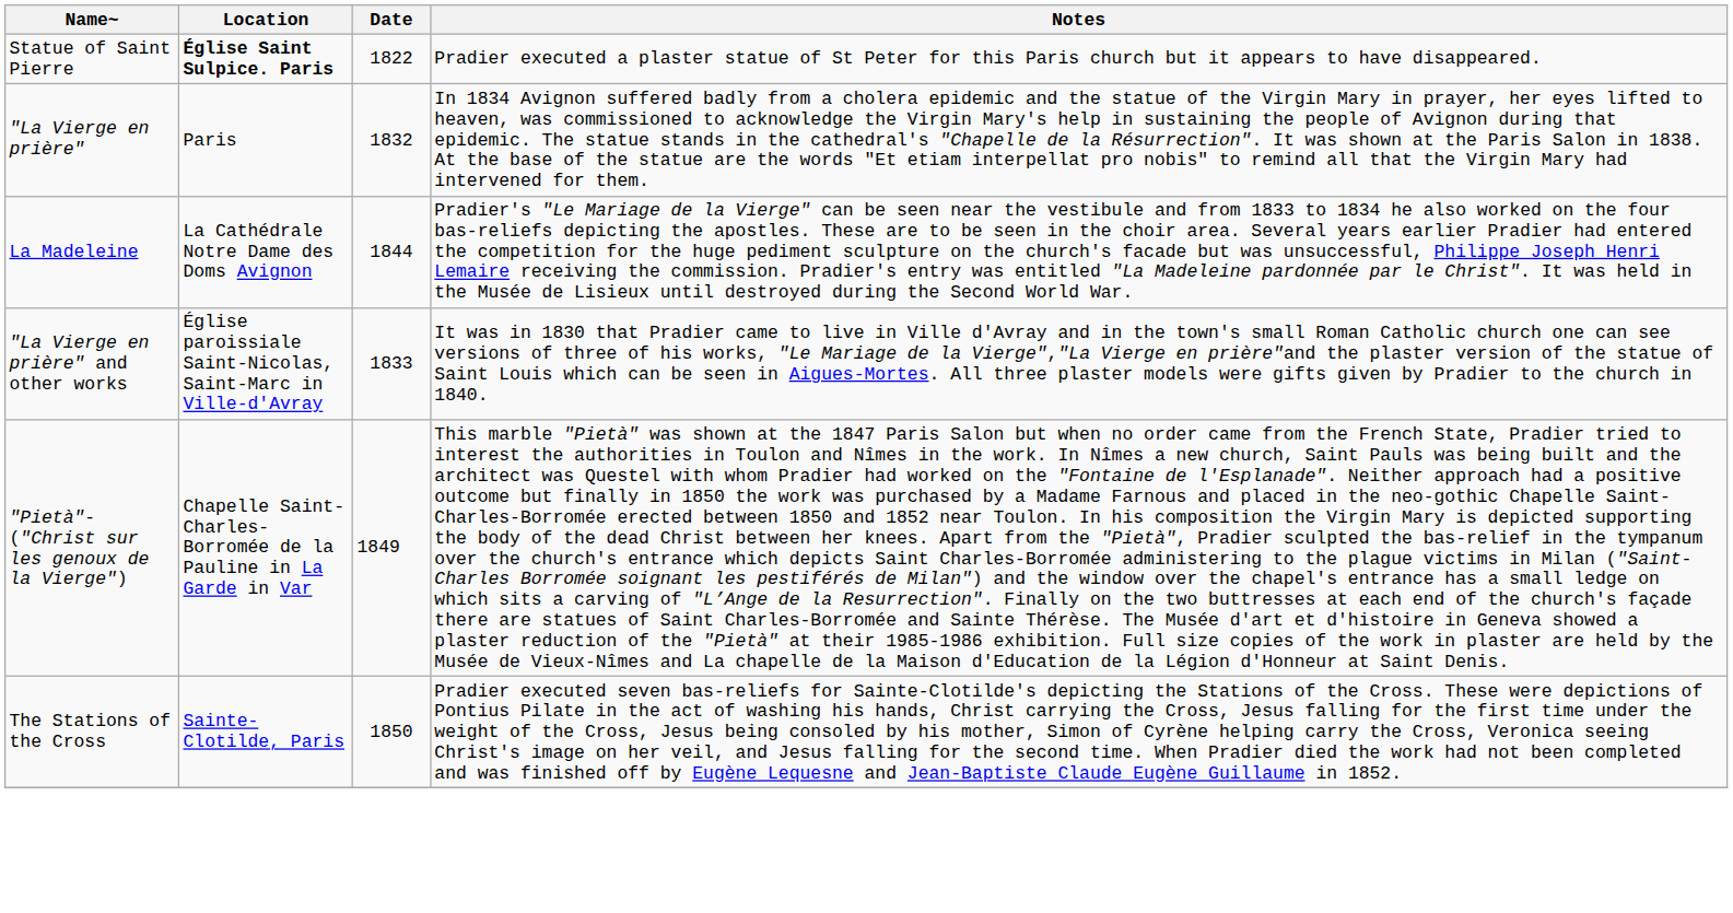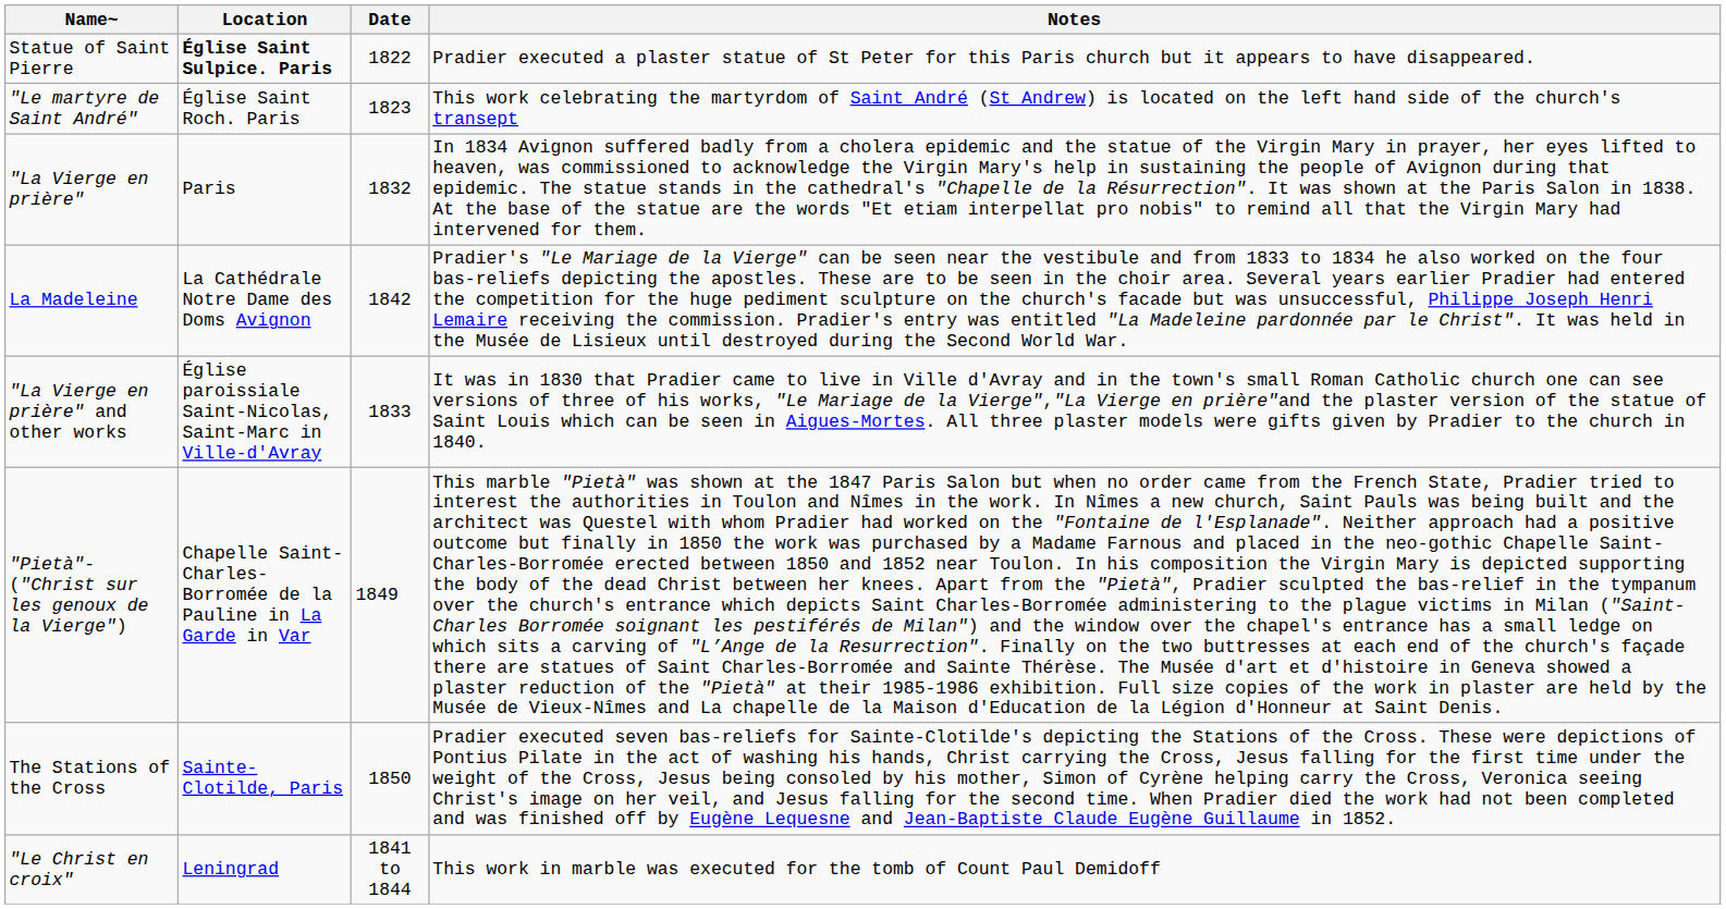 <table class="wikitable sortable plainrowheaders">
 <tr>
 <th style="width:120px">Name~</th>
 <th style="width:120px">Location</th>
 <th style="width:50px">Date</th>
 <th class="unsortable">Notes</th>
 </tr>
 <tr>
 <td>Statue of Saint Pierre</td>
 <td><strong>Église Saint Sulpice. Paris</strong></td>
 <td align="center">1822</td>
 <td>Pradier executed a plaster statue of St Peter for this Paris church but it appears to have disappeared.</td>
 </tr>
 <tr>
+<td><em>"Le martyre de Saint André"</em></td>
+<td>Église Saint Roch. Paris</td>
+<td align="center">1823</td>
+<td>This work celebrating the martyrdom of <a href='#'>Saint André</a> (<a href='#'>St Andrew</a>) is located on the left hand side of the church's <a href='#'>transept</a></td>
+</tr>
+<tr>
 <td><em>"La Vierge en prière"</em></td>
 <td>Paris</td>
 <td align="center">1832</td>
 <td>In 1834 Avignon suffered badly from a cholera epidemic and the statue of the Virgin Mary in prayer, her eyes lifted to heaven, was commissioned to acknowledge the Virgin Mary's help in sustaining the people of Avignon during that epidemic. The statue stands in the cathedral's <em>"Chapelle de la Résurrection"</em>. It was shown at the Paris Salon in 1838. At the base of the statue are the words "Et etiam interpellat pro nobis" to remind all that the Virgin Mary had intervened for them.<br>  </td>
 </tr>
 <tr>
 <td><a href='#'>La Madeleine</a></td>
 <td>La Cathédrale Notre Dame des Doms <a href='#'>Avignon</a></td>
-<td align="center">1844</td>
+<td align="center">1842</td>
 <td>Pradier's <em>"Le Mariage de la Vierge"</em> can be seen near the vestibule and from 1833 to 1834 he also worked on the four bas-reliefs depicting the apostles. These are to be seen in the choir area. Several years earlier Pradier had entered the competition for the huge pediment sculpture on the church's facade but was unsuccessful, <a href='#'>Philippe Joseph Henri Lemaire</a> receiving the commission. Pradier's entry was entitled <em>"La Madeleine pardonnée par le Christ"</em>. It was held in the Musée de Lisieux until destroyed during the Second World War.</td>
 </tr>
 <tr>
 <td><em>"La Vierge en prière"</em> and other works</td>
 <td>Église paroissiale Saint-Nicolas, Saint-Marc in <a href='#'>Ville-d'Avray</a></td>
 <td align="center">1833</td>
 <td>It was in 1830 that Pradier came to live in Ville d'Avray and in the town's small Roman Catholic church one can see versions of three of his works, <em>"Le Mariage de la Vierge"</em>,<em>"La Vierge en prière"</em>and the plaster version of the statue of Saint Louis which can be seen in <a href='#'>Aigues-Mortes</a>. All three plaster models were gifts given by Pradier to the church in 1840.<br>  </td>
 </tr>
 <tr>
 <td><em>"Pietà"</em>-(<em>"Christ sur les genoux de la Vierge"</em>)</td>
 <td>Chapelle Saint-Charles-Borromée de la Pauline in <a href='#'>La Garde</a> in <a href='#'>Var</a></td>
 <td align="center=">1849</td>
 <td>This marble <em>"Pietà"</em> was shown at the 1847 Paris Salon but when no order came from the French State, Pradier tried to interest the authorities in Toulon and Nîmes in the work. In Nîmes a new church, Saint Pauls was being built and the architect was Questel with whom Pradier had worked on the <em>"Fontaine de l'Esplanade"</em>. Neither approach had a positive outcome but finally in 1850 the work was purchased by a Madame Farnous and placed in the neo-gothic Chapelle Saint-Charles-Borromée erected between 1850 and 1852 near Toulon. In his composition the Virgin Mary is depicted supporting the body of the dead Christ between her knees. Apart from the <em>"Pietà"</em>, Pradier sculpted the bas-relief in the tympanum over the church's entrance which depicts Saint Charles-Borromée administering to the plague victims in Milan (<em>"Saint-Charles Borromée soignant les pestiférés de Milan"</em>) and the window over the chapel's entrance has a small ledge on which sits a carving of <em>"L’Ange de la Resurrection"</em>. Finally on the two buttresses at each end of the church's façade there are statues of Saint Charles-Borromée and Sainte Thérèse. The Musée d'art et d'histoire in Geneva showed a plaster reduction of the <em>"Pietà"</em> at their 1985-1986 exhibition. Full size copies of the work in plaster are held by the Musée de Vieux-Nîmes and La chapelle de la Maison d'Education de la Légion d'Honneur at Saint Denis.<br></td>
 </tr>
 <tr>
 <td>The Stations of the Cross</td>
 <td><a href='#'>Sainte-Clotilde, Paris</a></td>
 <td align="center">1850</td>
 <td>Pradier executed seven bas-reliefs for Sainte-Clotilde's depicting the Stations of the Cross. These were depictions of Pontius Pilate in the act of washing his hands, Christ carrying the Cross, Jesus falling for the first time under the weight of the Cross, Jesus being consoled by his mother, Simon of Cyrène helping carry the Cross, Veronica seeing Christ's image on her veil, and Jesus falling for the second time. When Pradier died the work had not been completed and was finished off by <a href='#'>Eugène Lequesne</a> and <a href='#'>Jean-Baptiste Claude Eugène Guillaume</a> in 1852.<br> </td>
 </tr>
 <tr>
+<td><em>"Le Christ en croix"</em></td>
+<td><a href='#'>Leningrad</a></td>
+<td align="center">1841 to 1844</td>
+<td>This work in marble was executed for the tomb of Count Paul Demidoff</td>
+</tr>
+<tr>
 </tr>
 </table>
